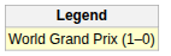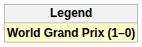 <table class="wikitable">
 <tr>
 <th>Legend</th>
 </tr>
 <tr style="background:#FFFFCC;">
-<td>World Grand Prix (1–0)</td>
+<td><strong>World Grand Prix (1–0)</strong></td>
 </tr>
 </table>
